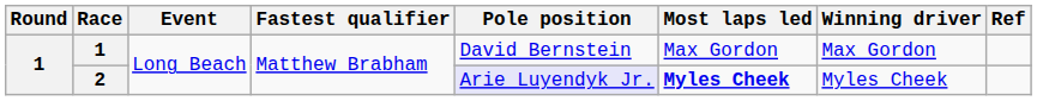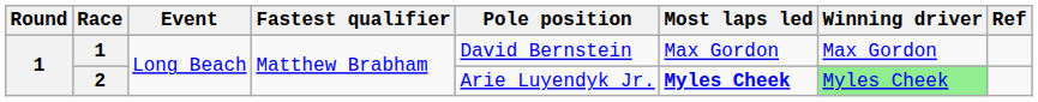 <table class="wikitable" style="font-size: 85%;">
 <tr>
 <th>Round</th>
 <th>Race</th>
 <th>Event</th>
 <th>Fastest qualifier</th>
 <th>Pole position</th>
 <th>Most laps led</th>
 <th>Winning driver</th>
 <th>Ref</th>
 </tr>
 <tr>
 <th rowspan=2>1</th>
 <th>1</th>
 <td rowspan=2><a href='#'>Long Beach</a></td>
 <td rowspan=2> <a href='#'>Matthew Brabham</a></td>
 <td> <a href='#'>David Bernstein</a></td>
 <td> <a href='#'>Max Gordon</a></td>
 <td> <a href='#'>Max Gordon</a></td>
 <td></td>
 </tr>
 <tr>
 <th>2</th>
-<td style="background: lavender;"> <a href='#'>Arie Luyendyk Jr.</a></td>
+<td> <a href='#'>Arie Luyendyk Jr.</a></td>
 <td><strong> <a href='#'>Myles Cheek</a></strong></td>
-<td> <a href='#'>Myles Cheek</a></td>
+<td style="background: lightgreen;"> <a href='#'>Myles Cheek</a></td>
 <td></td>
 </tr>
 </table>
